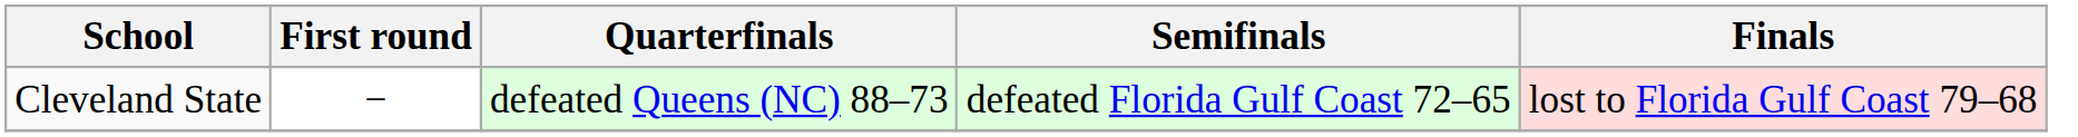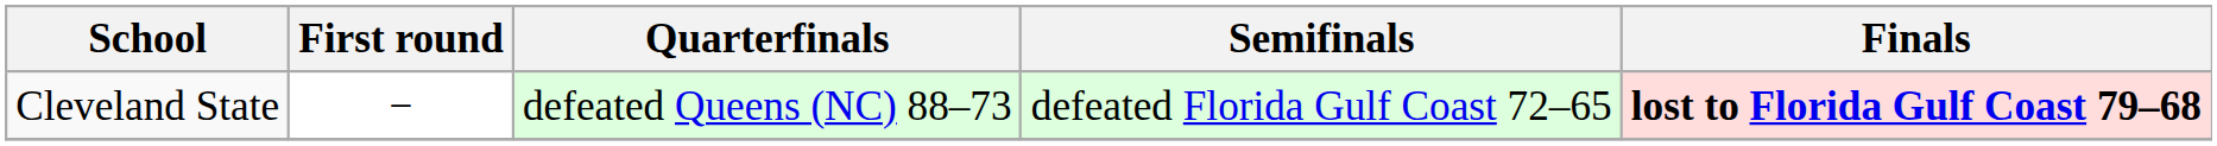 <table class="wikitable" style="white-space:nowrap; font-size:100%; text-align:center">
 <tr>
 <th>School</th>
 <th>First round</th>
 <th>Quarterfinals</th>
 <th>Semifinals</th>
 <th>Finals</th>
 </tr>
 <tr>
 <td>Cleveland State</td>
 <td style="background:#fff;">−</td>
 <td style="background:#ddffdd;">defeated <a href='#'>Queens (NC)</a> 88–73</td>
 <td style="background:#ddffdd;">defeated <a href='#'>Florida Gulf Coast</a> 72–65</td>
-<td style="background:#ffdddd;">lost to <a href='#'>Florida Gulf Coast</a> 79–68</td>
+<td style="background:#ffdddd;"><strong>lost to <a href='#'>Florida Gulf Coast</a> 79–68</strong></td>
 </tr>
 <tr>
 </tr>
 </table>
